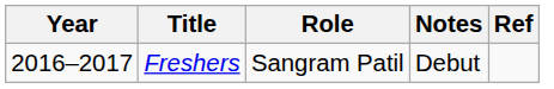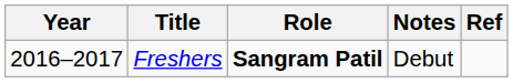 <table class="wikitable sortable plainrowheaders">
 <tr style="text-align:center;">
 <th scope="col">Year</th>
 <th scope="col">Title</th>
 <th scope="col">Role</th>
 <th class="unsortable" scope="col">Notes</th>
 <th class="unsortable" scope="col">Ref</th>
 </tr>
 <tr>
 <td rowspan="2" style="text-align: center;">2016–2017</td>
 <td scope="row"><em><a href='#'>Freshers</a></em></td>
-<td>Sangram Patil</td>
+<td><strong>Sangram Patil</strong></td>
 <td>Debut</td>
 <td style="text-align: center;"></td>
 </tr>
 </table>
